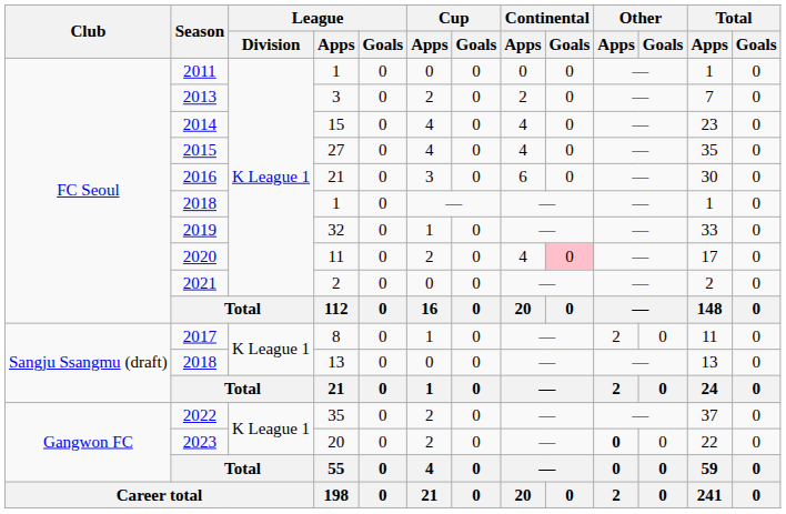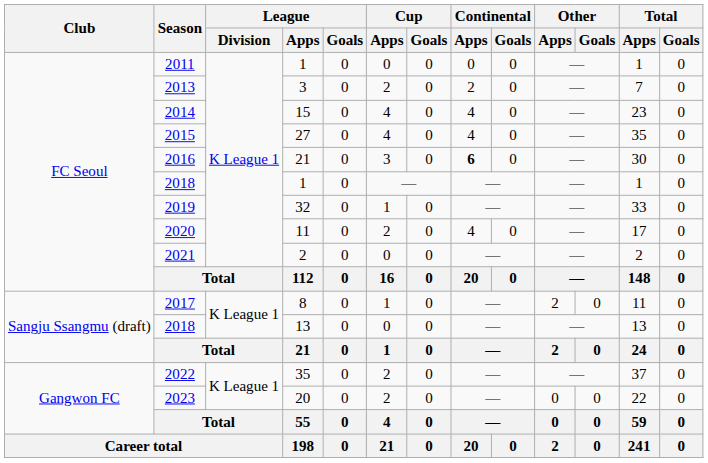 <table class="wikitable" style="text-align: center">
 <tr>
 <th rowspan="2">Club</th>
 <th rowspan="2">Season</th>
 <th colspan="3">League</th>
 <th colspan="2">Cup</th>
 <th colspan="2">Continental</th>
 <th colspan="2">Other</th>
 <th colspan="2">Total</th>
 </tr>
 <tr>
 <th>Division</th>
 <th>Apps</th>
 <th>Goals</th>
 <th>Apps</th>
 <th>Goals</th>
 <th>Apps</th>
 <th>Goals</th>
 <th>Apps</th>
 <th>Goals</th>
 <th>Apps</th>
 <th>Goals</th>
 </tr>
 <tr>
 <td rowspan="10"><a href='#'>FC Seoul</a></td>
 <td><a href='#'>2011</a></td>
 <td rowspan="9"><a href='#'>K League 1</a></td>
 <td>1</td>
 <td>0</td>
 <td>0</td>
 <td>0</td>
 <td>0</td>
 <td>0</td>
 <td colspan="2">—</td>
 <td>1</td>
 <td>0</td>
 </tr>
 <tr>
 <td><a href='#'>2013</a></td>
 <td>3</td>
 <td>0</td>
 <td>2</td>
 <td>0</td>
 <td>2</td>
 <td>0</td>
 <td colspan="2">—</td>
 <td>7</td>
 <td>0</td>
 </tr>
 <tr>
 <td><a href='#'>2014</a></td>
 <td>15</td>
 <td>0</td>
 <td>4</td>
 <td>0</td>
 <td>4</td>
 <td>0</td>
 <td colspan="2">—</td>
 <td>23</td>
 <td>0</td>
 </tr>
 <tr>
 <td><a href='#'>2015</a></td>
 <td>27</td>
 <td>0</td>
 <td>4</td>
 <td>0</td>
 <td>4</td>
 <td>0</td>
 <td colspan="2">—</td>
 <td>35</td>
 <td>0</td>
 </tr>
 <tr>
 <td><a href='#'>2016</a></td>
 <td>21</td>
 <td>0</td>
 <td>3</td>
 <td>0</td>
-<td>6</td>
+<td><strong>6</strong></td>
 <td>0</td>
 <td colspan="2">—</td>
 <td>30</td>
 <td>0</td>
 </tr>
 <tr>
 <td><a href='#'>2018</a></td>
 <td>1</td>
 <td>0</td>
 <td colspan="2">—</td>
 <td colspan="2">—</td>
 <td colspan="2">—</td>
 <td>1</td>
 <td>0</td>
 </tr>
 <tr>
 <td><a href='#'>2019</a></td>
 <td>32</td>
 <td>0</td>
 <td>1</td>
 <td>0</td>
 <td colspan="2">—</td>
 <td colspan="2">—</td>
 <td>33</td>
 <td>0</td>
 </tr>
 <tr>
 <td><a href='#'>2020</a></td>
 <td>11</td>
 <td>0</td>
 <td>2</td>
 <td>0</td>
 <td>4</td>
-<td style="background: pink;">0</td>
+<td>0</td>
 <td colspan="2">—</td>
 <td>17</td>
 <td>0</td>
 </tr>
 <tr>
 <td><a href='#'>2021</a></td>
 <td>2</td>
 <td>0</td>
 <td>0</td>
 <td>0</td>
 <td colspan="2">—</td>
 <td colspan="2">—</td>
 <td>2</td>
 <td>0</td>
 </tr>
 <tr>
 <th colspan="2">Total</th>
 <th>112</th>
 <th>0</th>
 <th>16</th>
 <th>0</th>
 <th>20</th>
 <th>0</th>
 <th colspan="2">—</th>
 <th>148</th>
 <th>0</th>
 </tr>
 <tr>
 <td rowspan="3"><a href='#'>Sangju Ssangmu</a> (draft)</td>
 <td><a href='#'>2017</a></td>
 <td rowspan="2">K League 1</td>
 <td>8</td>
 <td>0</td>
 <td>1</td>
 <td>0</td>
 <td colspan="2">—</td>
 <td>2</td>
 <td>0</td>
 <td>11</td>
 <td>0</td>
 </tr>
 <tr>
 <td><a href='#'>2018</a></td>
 <td>13</td>
 <td>0</td>
 <td>0</td>
 <td>0</td>
 <td colspan="2">—</td>
 <td colspan="2">—</td>
 <td>13</td>
 <td>0</td>
 </tr>
 <tr>
 <th colspan="2">Total</th>
 <th>21</th>
 <th>0</th>
 <th>1</th>
 <th>0</th>
 <th colspan="2">—</th>
 <th>2</th>
 <th>0</th>
 <th>24</th>
 <th>0</th>
 </tr>
 <tr>
 <td rowspan="3"><a href='#'>Gangwon FC</a></td>
 <td><a href='#'>2022</a></td>
 <td rowspan="2">K League 1</td>
 <td>35</td>
 <td>0</td>
 <td>2</td>
 <td>0</td>
 <td colspan="2">—</td>
 <td colspan="2">—</td>
 <td>37</td>
 <td>0</td>
 </tr>
 <tr>
 <td><a href='#'>2023</a></td>
 <td>20</td>
 <td>0</td>
 <td>2</td>
 <td>0</td>
 <td colspan="2">—</td>
-<td><strong>0</strong></td>
+<td>0</td>
 <td>0</td>
 <td>22</td>
 <td>0</td>
 </tr>
 <tr>
 <th colspan="2">Total</th>
 <th>55</th>
 <th>0</th>
 <th>4</th>
 <th>0</th>
 <th colspan="2">—</th>
 <th>0</th>
 <th>0</th>
 <th>59</th>
 <th>0</th>
 </tr>
 <tr>
 <th colspan="3">Career total</th>
 <th>198</th>
 <th>0</th>
 <th>21</th>
 <th>0</th>
 <th>20</th>
 <th>0</th>
 <th>2</th>
 <th>0</th>
 <th>241</th>
 <th>0</th>
 </tr>
 </table>
